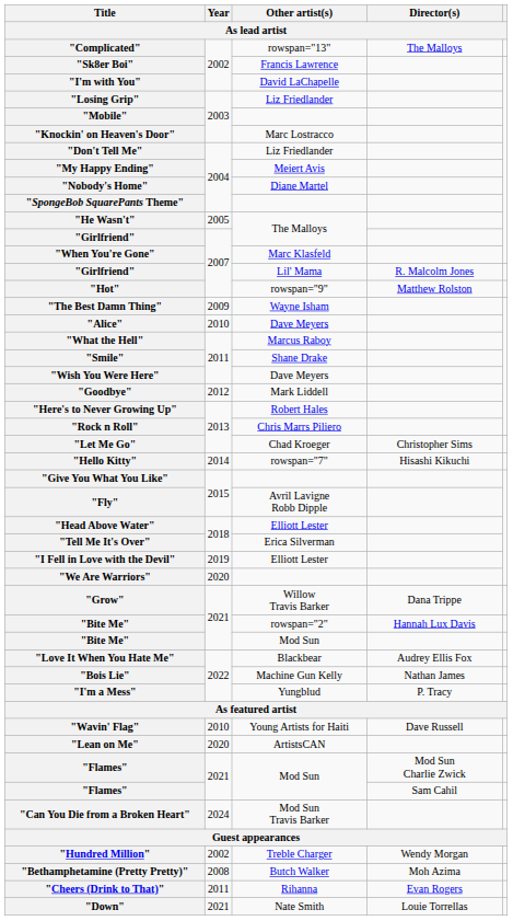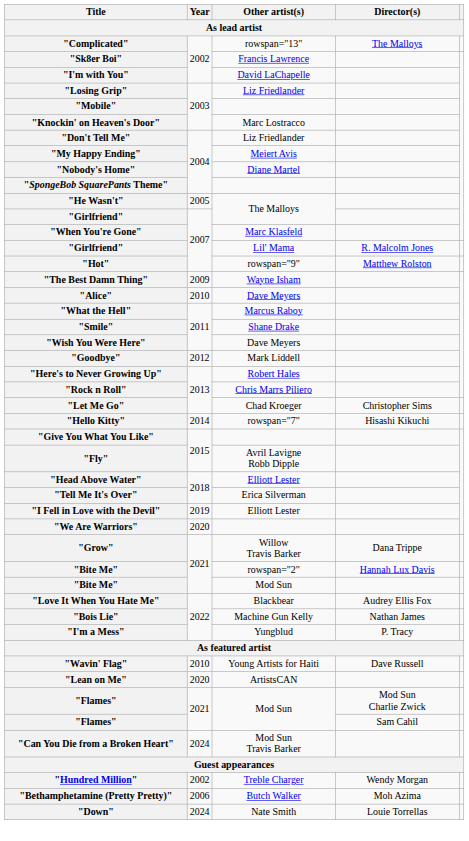 <table class="wikitable plainrowheaders" style="text-align:center;">
 <tr>
 <th scope="col" style="width:18em;">Title</th>
 <th scope="col">Year</th>
 <th scope="col" style="width:12em;">Other artist(s)</th>
 <th scope="col" style="width:12em;">Director(s)</th>
 <th scope="col"></th>
 </tr>
 <tr>
 <th scope="col" colspan="5">As lead artist</th>
 </tr>
 <tr>
 <th scope="row">"Complicated"</th>
 <td rowspan="3">2002</td>
 <td>rowspan="13" </td>
 <td><a href='#'>The Malloys</a></td>
 <td></td>
 </tr>
 <tr>
 <th scope="row">"Sk8er Boi"</th>
 <td><a href='#'>Francis Lawrence</a></td>
 <td></td>
 </tr>
 <tr>
 <th scope="row">"I'm with You"</th>
 <td><a href='#'>David LaChapelle</a></td>
 <td></td>
 </tr>
 <tr>
 <th scope="row">"Losing Grip"</th>
 <td rowspan="3">2003</td>
 <td><a href='#'>Liz Friedlander</a></td>
 <td></td>
 </tr>
 <tr>
 <th scope="row">"Mobile"</th>
 <td></td>
 <td></td>
 </tr>
 <tr>
 <th scope="row">"Knockin' on Heaven's Door"</th>
 <td>Marc Lostracco</td>
 <td></td>
 </tr>
 <tr>
 <th scope="row">"Don't Tell Me"</th>
 <td rowspan="4">2004</td>
 <td>Liz Friedlander</td>
 <td></td>
 </tr>
 <tr>
 <th scope="row">"My Happy Ending"</th>
 <td><a href='#'>Meiert Avis</a></td>
 <td></td>
 </tr>
 <tr>
 <th scope="row">"Nobody's Home"</th>
 <td><a href='#'>Diane Martel</a></td>
 <td></td>
 </tr>
 <tr>
 <th scope="row">"<em>SpongeBob SquarePants</em> Theme"</th>
 <td></td>
 <td></td>
 </tr>
 <tr>
 <th scope="row">"He Wasn't"</th>
 <td>2005</td>
 <td rowspan="2">The Malloys</td>
 <td></td>
 </tr>
 <tr>
 <th scope="row">"Girlfriend"</th>
 <td rowspan="4">2007</td>
 <td></td>
 </tr>
 <tr>
 <th scope="row">"When You're Gone"</th>
 <td><a href='#'>Marc Klasfeld</a></td>
 <td></td>
 </tr>
 <tr>
 <th scope="row">"Girlfriend"<br></th>
 <td><a href='#'>Lil' Mama</a></td>
 <td><a href='#'>R. Malcolm Jones</a></td>
 <td></td>
 </tr>
 <tr>
 <th scope="row">"Hot"</th>
 <td>rowspan="9" </td>
 <td><a href='#'>Matthew Rolston</a></td>
 <td></td>
 </tr>
 <tr>
 <th scope="row">"The Best Damn Thing"</th>
 <td>2009</td>
 <td><a href='#'>Wayne Isham</a></td>
 <td></td>
 </tr>
 <tr>
 <th scope="row">"Alice"</th>
 <td>2010</td>
 <td><a href='#'>Dave Meyers</a></td>
 <td></td>
 </tr>
 <tr>
 <th scope="row">"What the Hell"</th>
 <td rowspan="3">2011</td>
 <td><a href='#'>Marcus Raboy</a></td>
 <td></td>
 </tr>
 <tr>
 <th scope="row">"Smile"</th>
 <td><a href='#'>Shane Drake</a></td>
 <td></td>
 </tr>
 <tr>
 <th scope="row">"Wish You Were Here"</th>
 <td>Dave Meyers</td>
 <td></td>
 </tr>
 <tr>
 <th scope="row">"Goodbye"</th>
 <td>2012</td>
 <td>Mark Liddell</td>
 <td></td>
 </tr>
 <tr>
 <th scope="row">"Here's to Never Growing Up"</th>
 <td rowspan="3">2013</td>
 <td><a href='#'>Robert Hales</a></td>
 <td></td>
 </tr>
 <tr>
 <th scope="row">"Rock n Roll"</th>
 <td><a href='#'>Chris Marrs Piliero</a></td>
 <td></td>
 </tr>
 <tr>
 <th scope="row">"Let Me Go"</th>
 <td>Chad Kroeger</td>
 <td>Christopher Sims</td>
 <td></td>
 </tr>
 <tr>
 <th scope="row">"Hello Kitty"</th>
 <td>2014</td>
 <td>rowspan="7" </td>
 <td>Hisashi Kikuchi</td>
 <td></td>
 </tr>
 <tr>
 <th scope="row">"Give You What You Like"</th>
 <td rowspan="2">2015</td>
 <td></td>
 <td></td>
 </tr>
 <tr>
 <th scope="row">"Fly"</th>
 <td>Avril Lavigne<br>Robb Dipple</td>
 <td></td>
 </tr>
 <tr>
 <th scope="row">"Head Above Water"</th>
 <td rowspan="2">2018</td>
 <td><a href='#'>Elliott Lester</a></td>
 <td></td>
 </tr>
 <tr>
 <th scope="row">"Tell Me It's Over"</th>
 <td>Erica Silverman</td>
 <td></td>
 </tr>
 <tr>
 <th scope="row">"I Fell in Love with the Devil"</th>
 <td>2019</td>
 <td>Elliott Lester</td>
 <td></td>
 </tr>
 <tr>
 <th scope="row">"We Are Warriors"</th>
 <td>2020</td>
 <td></td>
 <td></td>
 </tr>
 <tr>
 <th scope="row">"Grow"</th>
 <td rowspan="3">2021</td>
 <td>Willow<br>Travis Barker</td>
 <td>Dana Trippe</td>
 <td></td>
 </tr>
 <tr>
 <th scope="row">"Bite Me"</th>
 <td>rowspan="2" </td>
 <td><a href='#'>Hannah Lux Davis</a></td>
 <td></td>
 </tr>
 <tr>
 <th scope="row">"Bite Me"<br></th>
 <td>Mod Sun</td>
 <td></td>
 </tr>
 <tr>
 <th scope="row">"Love It When You Hate Me"</th>
 <td rowspan="3">2022</td>
 <td>Blackbear</td>
 <td>Audrey Ellis Fox</td>
 <td></td>
 </tr>
 <tr>
 <th scope="row">"Bois Lie"</th>
 <td>Machine Gun Kelly</td>
 <td>Nathan James</td>
 <td></td>
 </tr>
 <tr>
 <th scope="row">"I'm a Mess"</th>
 <td>Yungblud</td>
 <td>P. Tracy</td>
 <td></td>
 </tr>
 <tr>
 <th scope="col" colspan="5">As featured artist</th>
 </tr>
 <tr>
 <th scope="row">"Wavin' Flag"</th>
 <td>2010</td>
 <td>Young Artists for Haiti</td>
 <td>Dave Russell</td>
 <td></td>
 </tr>
 <tr>
 <th scope="row">"Lean on Me"</th>
 <td>2020</td>
 <td>ArtistsCAN</td>
 <td></td>
 <td></td>
 </tr>
 <tr>
 <th scope="row">"Flames"</th>
 <td rowspan="2">2021</td>
 <td rowspan="2">Mod Sun</td>
 <td>Mod Sun<br>Charlie Zwick</td>
 <td></td>
 </tr>
 <tr>
 <th scope="row">"Flames"<br></th>
 <td>Sam Cahil</td>
 <td></td>
 </tr>
 <tr>
 <th scope="row">"Can You Die from a Broken Heart"</th>
 <td>2024</td>
 <td>Mod Sun<br>Travis Barker</td>
 <td></td>
 <td></td>
 </tr>
 <tr>
 <th scope="col" colspan="5">Guest appearances</th>
 </tr>
 <tr>
 <th scope="row">"<a href='#'>Hundred Million</a>"</th>
 <td>2002</td>
 <td><a href='#'>Treble Charger</a></td>
 <td>Wendy Morgan</td>
 <td></td>
 </tr>
 <tr>
 <th scope="row">"Bethamphetamine (Pretty Pretty)"</th>
-<td>2008</td>
+<td>2006</td>
 <td><a href='#'>Butch Walker</a></td>
 <td>Moh Azima</td>
 <td></td>
 </tr>
 <tr>
-<th scope="row">"<a href='#'>Cheers (Drink to That)</a>"</th>
-<td>2011</td>
-<td><a href='#'>Rihanna</a></td>
-<td><a href='#'>Evan Rogers</a></td>
-<td></td>
-</tr>
-<tr>
 <th scope="row">"Down"</th>
-<td>2021</td>
+<td>2024</td>
 <td>Nate Smith</td>
 <td>Louie Torrellas</td>
 <td></td>
 </tr>
 </table>
